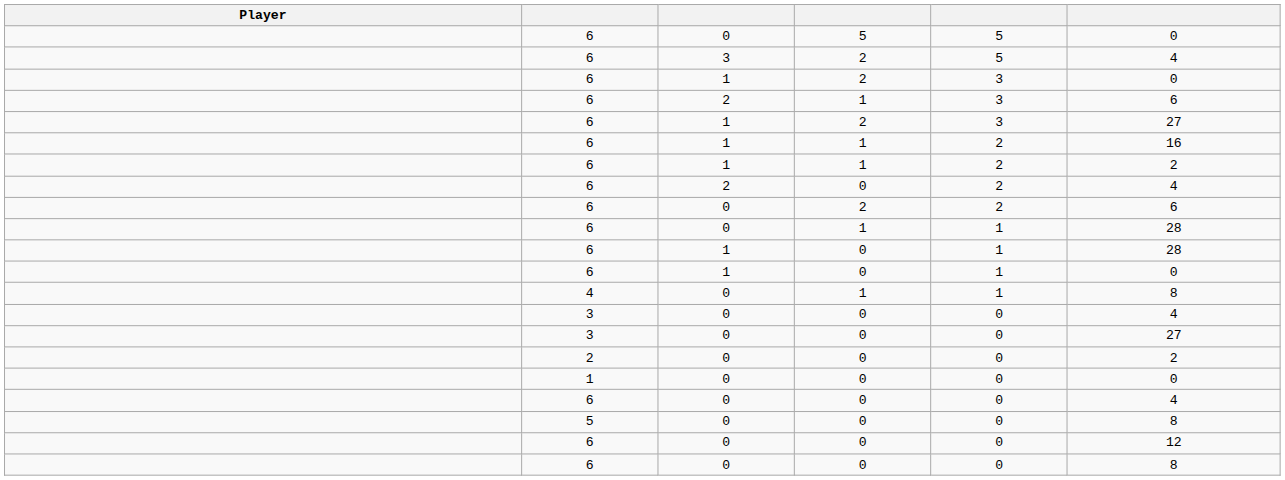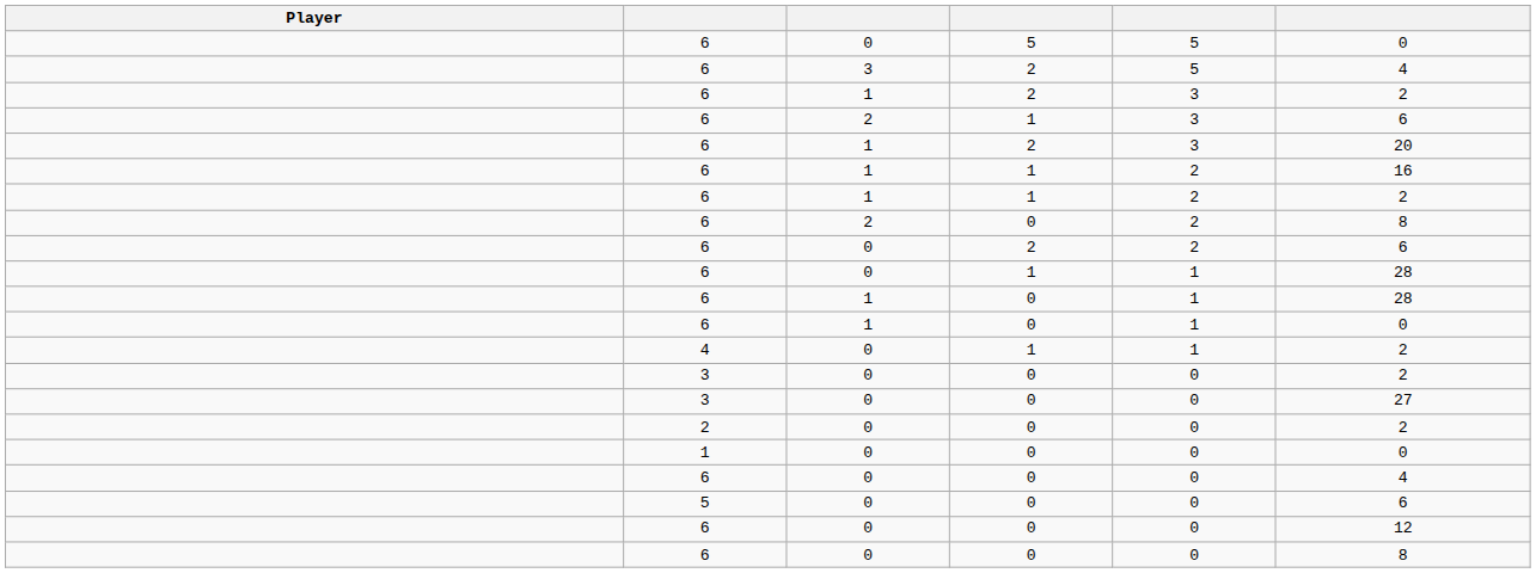 <table class="wikitable sortable" style="width:100%;">
 <tr align=center>
 <th>Player</th>
 <th></th>
 <th></th>
 <th></th>
 <th></th>
 <th></th>
 </tr>
 <tr align=center>
 <td></td>
 <td>6</td>
 <td>0</td>
 <td>5</td>
 <td>5</td>
 <td>0</td>
 </tr>
 <tr align=center>
 <td></td>
 <td>6</td>
 <td>3</td>
 <td>2</td>
 <td>5</td>
 <td>4</td>
 </tr>
 <tr align=center>
 <td></td>
 <td>6</td>
 <td>1</td>
 <td>2</td>
 <td>3</td>
-<td>0</td>
+<td>2</td>
 </tr>
 <tr align=center>
 <td></td>
 <td>6</td>
 <td>2</td>
 <td>1</td>
 <td>3</td>
 <td>6</td>
 </tr>
 <tr align=center>
 <td></td>
 <td>6</td>
 <td>1</td>
 <td>2</td>
 <td>3</td>
-<td>27</td>
+<td>20</td>
 </tr>
 <tr align=center>
 <td></td>
 <td>6</td>
 <td>1</td>
 <td>1</td>
 <td>2</td>
 <td>16</td>
 </tr>
 <tr align=center>
 <td></td>
 <td>6</td>
 <td>1</td>
 <td>1</td>
 <td>2</td>
 <td>2</td>
 </tr>
 <tr align=center>
 <td></td>
 <td>6</td>
 <td>2</td>
 <td>0</td>
 <td>2</td>
-<td>4</td>
+<td>8</td>
 </tr>
 <tr align=center>
 <td></td>
 <td>6</td>
 <td>0</td>
 <td>2</td>
 <td>2</td>
 <td>6</td>
 </tr>
 <tr align=center>
 <td></td>
 <td>6</td>
 <td>0</td>
 <td>1</td>
 <td>1</td>
 <td>28</td>
 </tr>
 <tr align=center>
 <td></td>
 <td>6</td>
 <td>1</td>
 <td>0</td>
 <td>1</td>
 <td>28</td>
 </tr>
 <tr align=center>
 <td></td>
 <td>6</td>
 <td>1</td>
 <td>0</td>
 <td>1</td>
 <td>0</td>
 </tr>
 <tr align=center>
 <td></td>
 <td>4</td>
 <td>0</td>
 <td>1</td>
 <td>1</td>
-<td>8</td>
+<td>2</td>
 </tr>
 <tr align=center>
 <td></td>
 <td>3</td>
 <td>0</td>
 <td>0</td>
 <td>0</td>
-<td>4</td>
+<td>2</td>
 </tr>
 <tr align=center>
 <td></td>
 <td>3</td>
 <td>0</td>
 <td>0</td>
 <td>0</td>
 <td>27</td>
 </tr>
 <tr align=center>
 <td></td>
 <td>2</td>
 <td>0</td>
 <td>0</td>
 <td>0</td>
 <td>2</td>
 </tr>
 <tr align=center>
 <td></td>
 <td>1</td>
 <td>0</td>
 <td>0</td>
 <td>0</td>
 <td>0</td>
 </tr>
 <tr align=center>
 <td></td>
 <td>6</td>
 <td>0</td>
 <td>0</td>
 <td>0</td>
 <td>4</td>
 </tr>
 <tr align=center>
 <td></td>
 <td>5</td>
 <td>0</td>
 <td>0</td>
 <td>0</td>
-<td>8</td>
+<td>6</td>
 </tr>
 <tr align=center>
 <td></td>
 <td>6</td>
 <td>0</td>
 <td>0</td>
 <td>0</td>
 <td>12</td>
 </tr>
 <tr align=center>
 <td></td>
 <td>6</td>
 <td>0</td>
 <td>0</td>
 <td>0</td>
 <td>8</td>
 </tr>
 </table>
